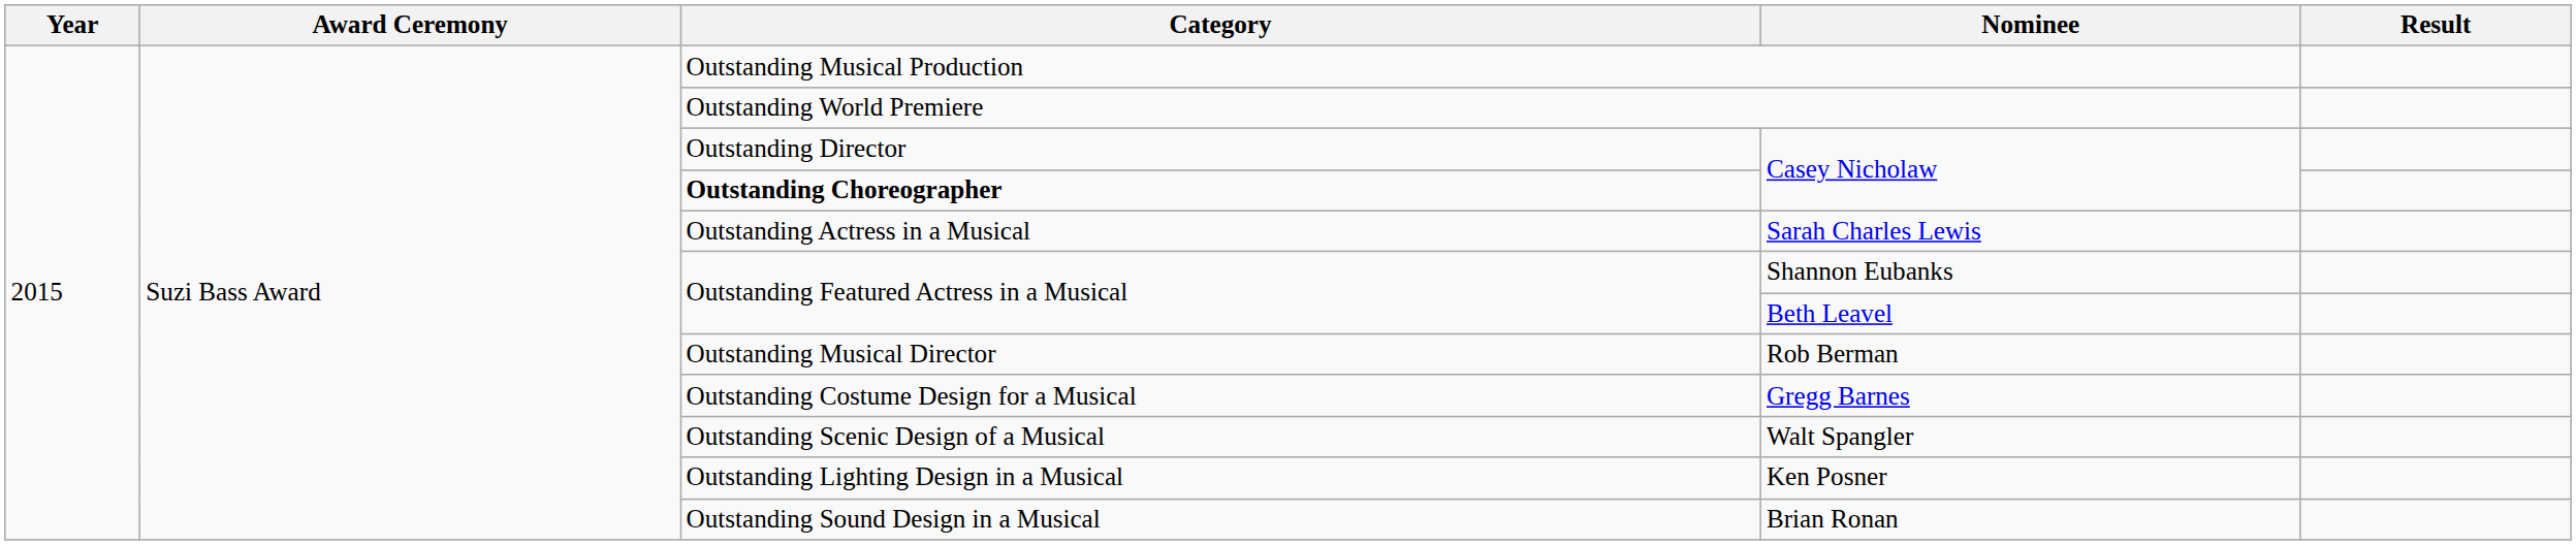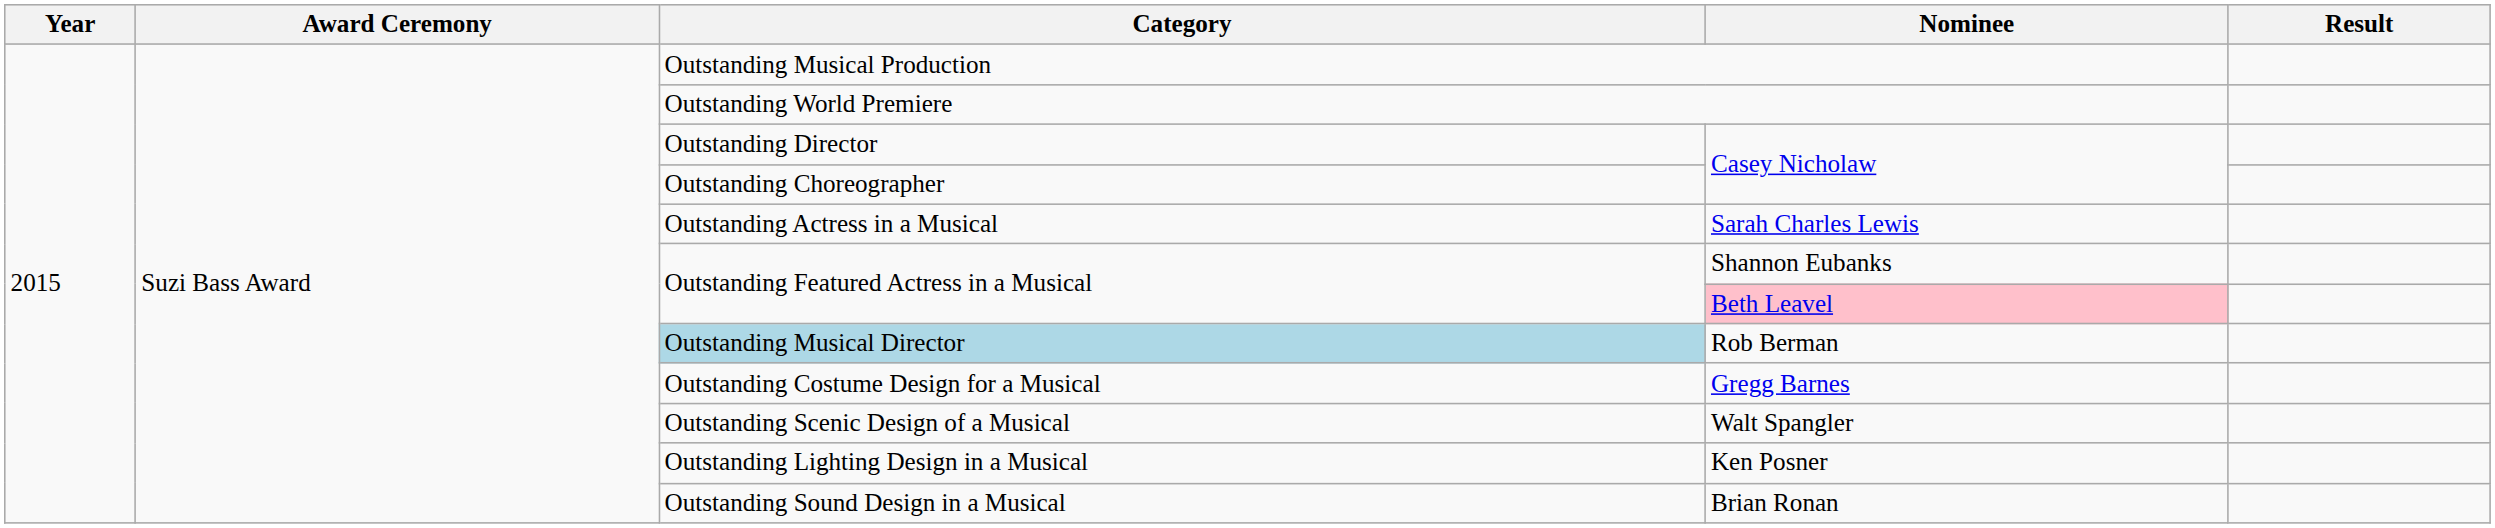 <table class="wikitable" width="100%">
 <tr>
 <th width="5%">Year</th>
 <th width="20%">Award Ceremony</th>
 <th width="40%">Category</th>
 <th width="20%">Nominee</th>
 <th width="10%">Result</th>
 </tr>
 <tr>
 <td rowspan="12">2015</td>
 <td rowspan="12">Suzi Bass Award</td>
 <td colspan="2">Outstanding Musical Production</td>
 <td></td>
 </tr>
 <tr>
 <td colspan="2">Outstanding World Premiere</td>
 <td></td>
 </tr>
 <tr>
 <td>Outstanding Director</td>
 <td rowspan="2"><a href='#'>Casey Nicholaw</a></td>
 <td></td>
 </tr>
 <tr>
-<td><strong>Outstanding Choreographer</strong></td>
+<td>Outstanding Choreographer</td>
 <td></td>
 </tr>
 <tr>
 <td>Outstanding Actress in a Musical</td>
 <td><a href='#'>Sarah Charles Lewis</a></td>
 <td></td>
 </tr>
 <tr>
 <td rowspan="2">Outstanding Featured Actress in a Musical</td>
 <td>Shannon Eubanks</td>
 <td></td>
 </tr>
 <tr>
-<td><a href='#'>Beth Leavel</a></td>
+<td style="background: pink;"><a href='#'>Beth Leavel</a></td>
 <td></td>
 </tr>
 <tr>
-<td>Outstanding Musical Director</td>
+<td style="background: lightblue;">Outstanding Musical Director</td>
 <td>Rob Berman</td>
 <td></td>
 </tr>
 <tr>
 <td>Outstanding Costume Design for a Musical</td>
 <td><a href='#'>Gregg Barnes</a></td>
 <td></td>
 </tr>
 <tr>
 <td>Outstanding Scenic Design of a Musical</td>
 <td>Walt Spangler</td>
 <td></td>
 </tr>
 <tr>
 <td>Outstanding Lighting Design in a Musical</td>
 <td>Ken Posner</td>
 <td></td>
 </tr>
 <tr>
 <td>Outstanding Sound Design in a Musical</td>
 <td>Brian Ronan</td>
 <td> </td>
 </tr>
 </table>
